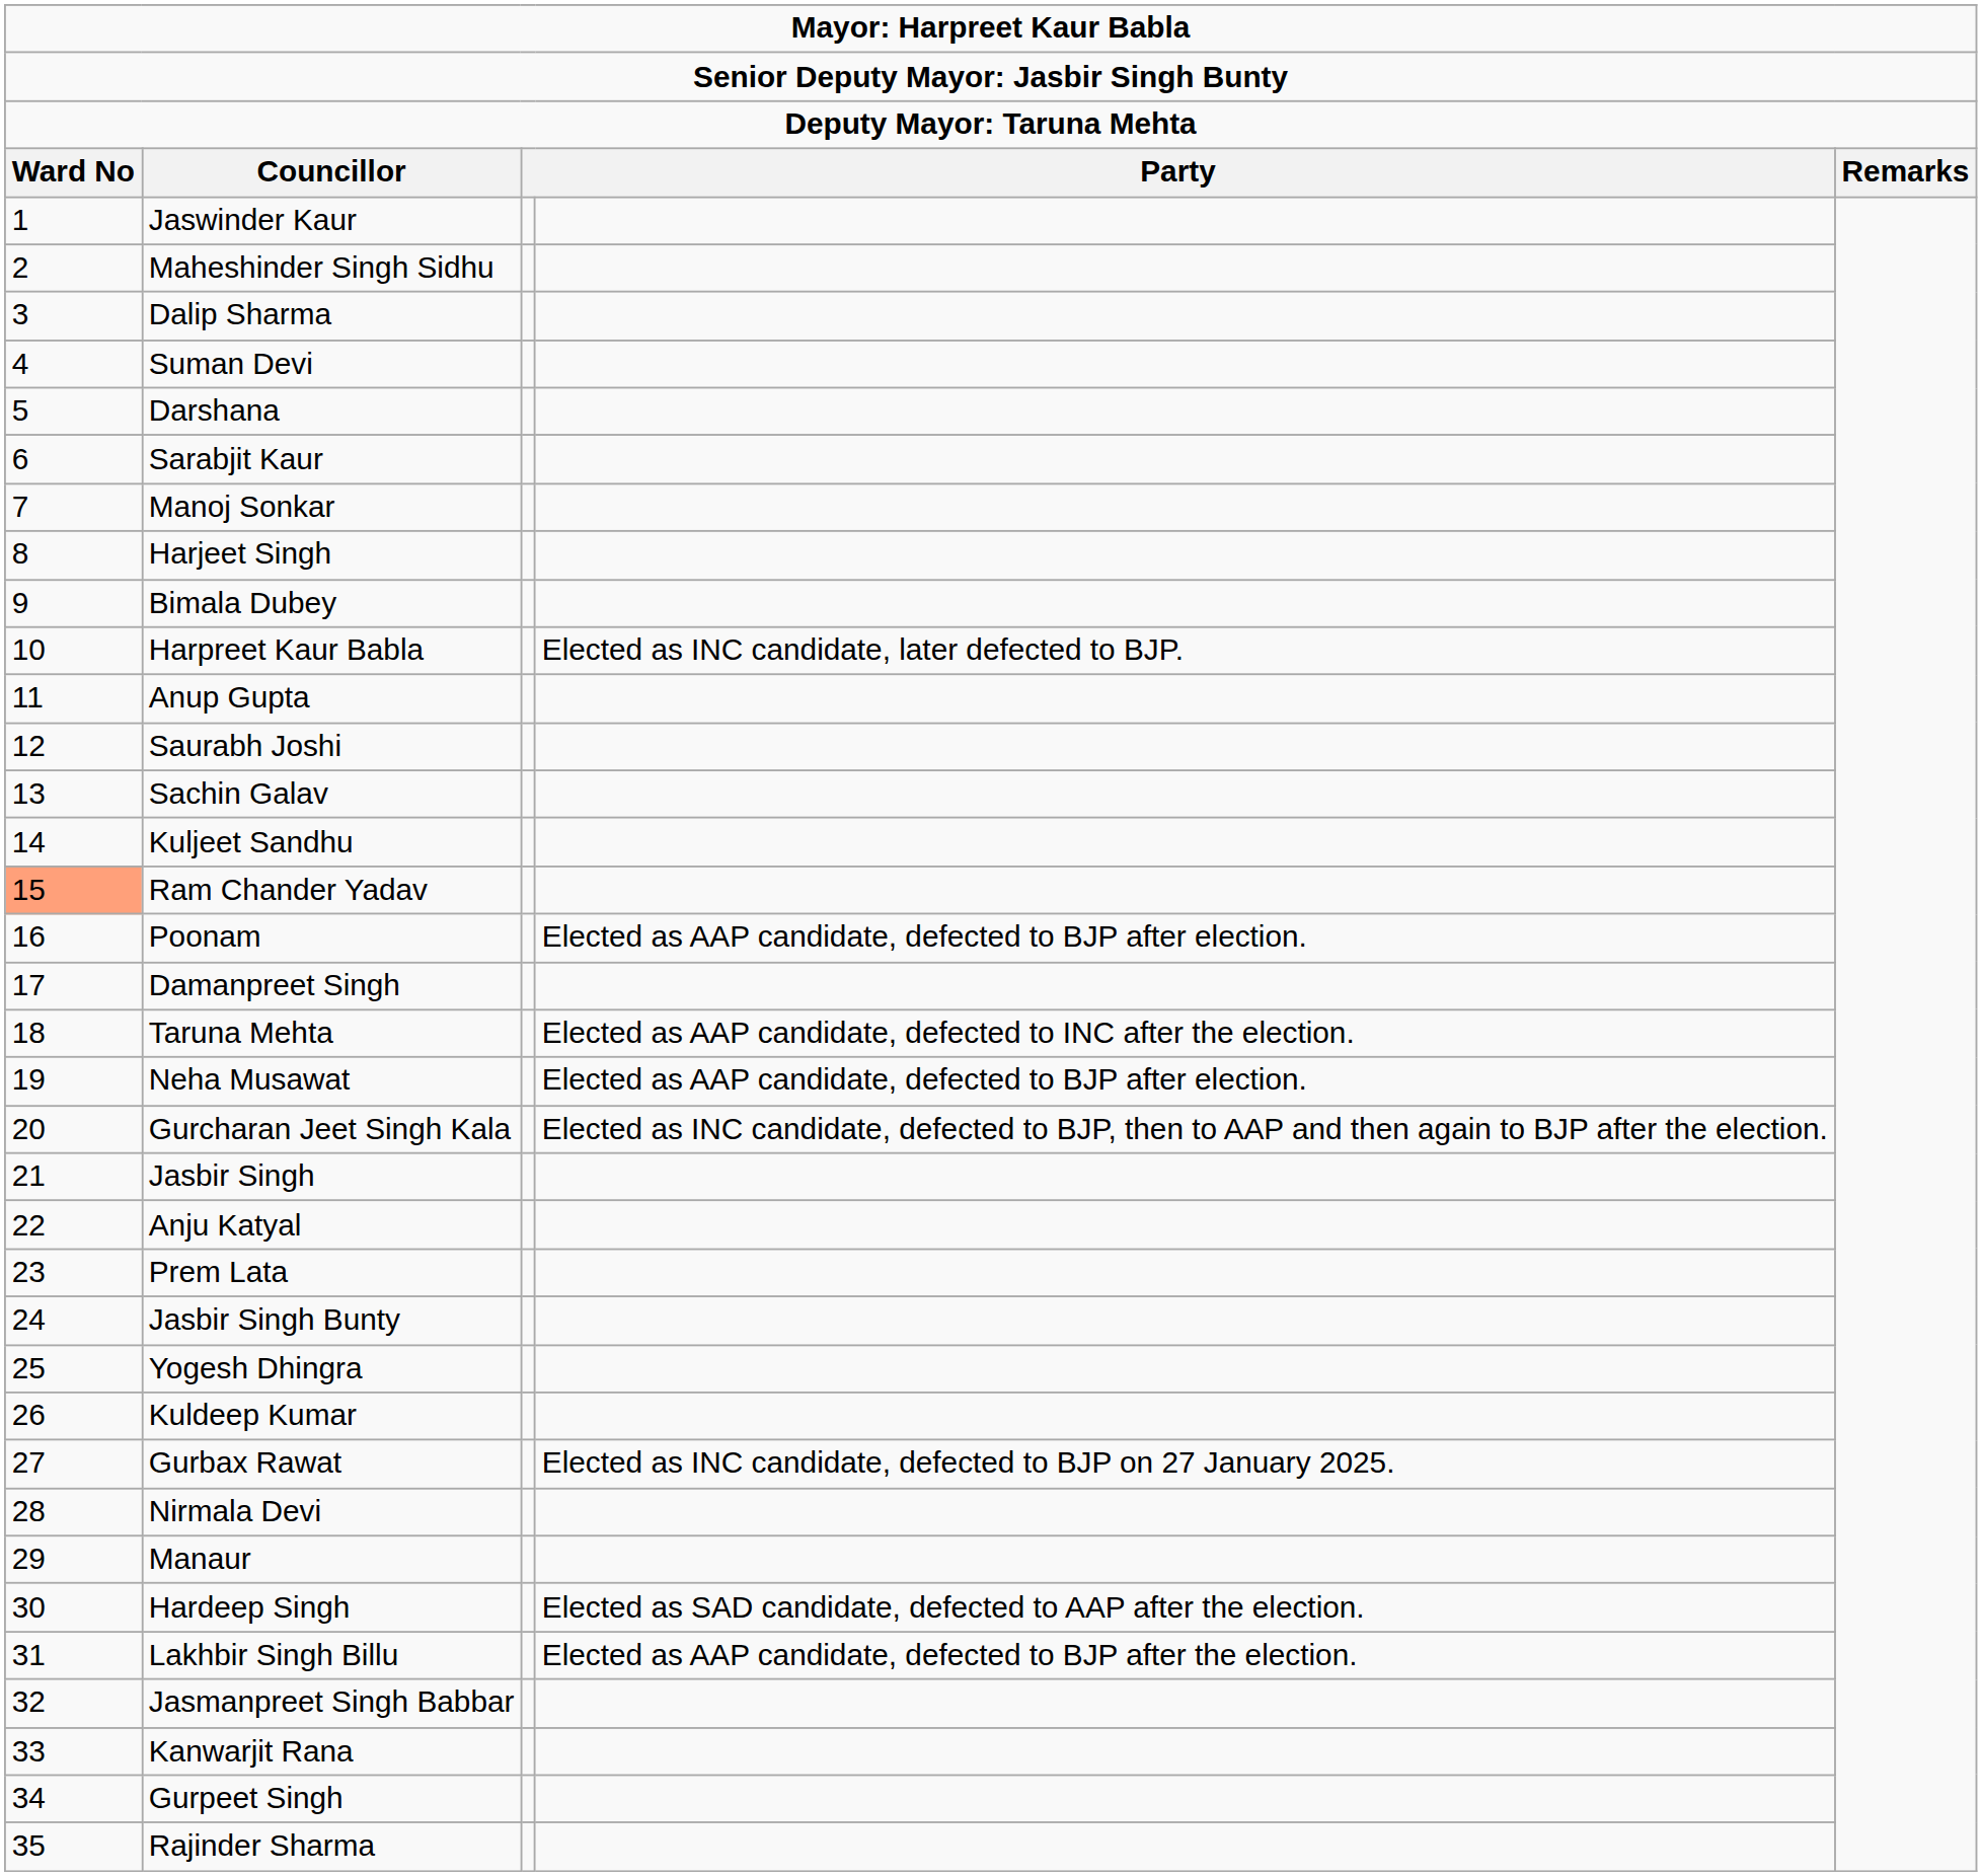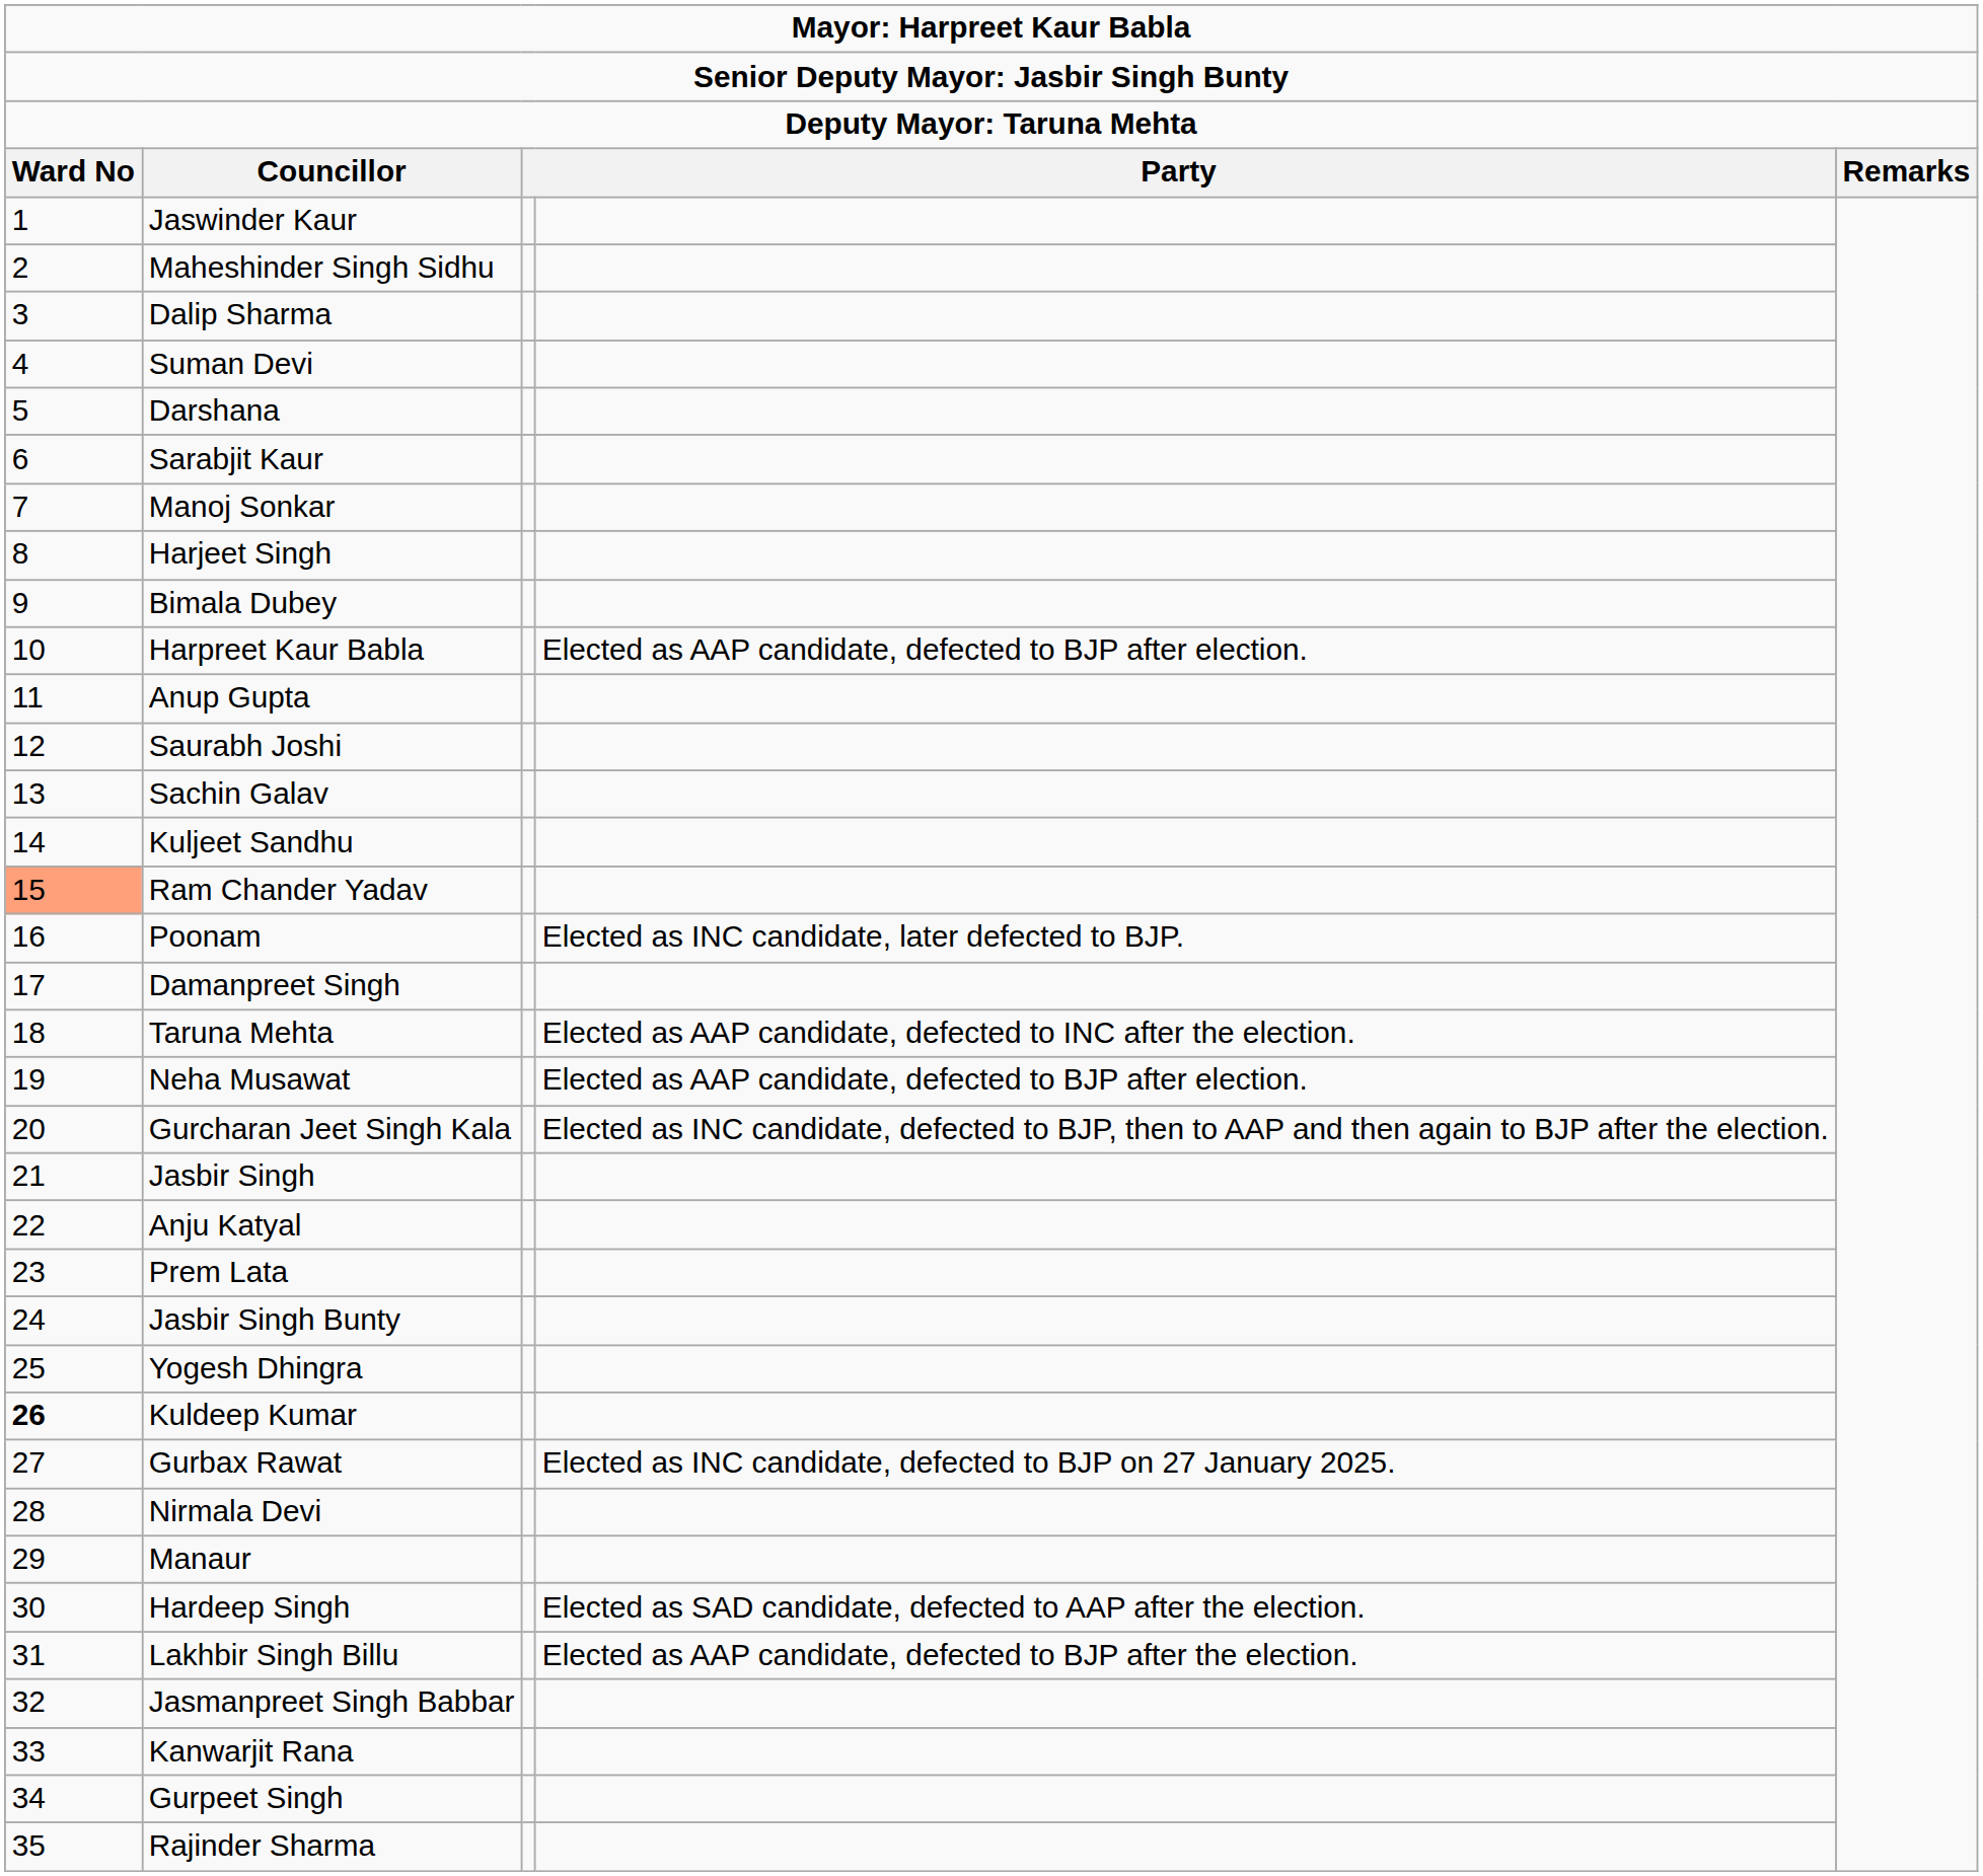 <table class="wikitable">
 <tr>
 <td colspan=5 align=center><span><strong>Mayor: Harpreet Kaur Babla</strong></span></td>
 </tr>
 <tr>
 <td colspan=5 align=center><span><strong>Senior Deputy Mayor: Jasbir Singh Bunty</strong></span></td>
 </tr>
 <tr>
 <td colspan=5 align=center><span><strong>Deputy Mayor: Taruna Mehta</strong></span></td>
 </tr>
 <tr>
 <th>Ward No</th>
 <th>Councillor</th>
 <th colspan="2">Party</th>
 <th>Remarks</th>
 </tr>
 <tr>
 <td>1</td>
 <td>Jaswinder Kaur</td>
 <td></td>
 <td></td>
 </tr>
 <tr>
 <td>2</td>
 <td>Maheshinder Singh Sidhu</td>
 <td></td>
 <td></td>
 </tr>
 <tr>
 <td>3</td>
 <td>Dalip Sharma</td>
 <td></td>
 <td></td>
 </tr>
 <tr>
 <td>4</td>
 <td>Suman Devi</td>
 <td></td>
 <td></td>
 </tr>
 <tr>
 <td>5</td>
 <td>Darshana</td>
 <td></td>
 <td></td>
 </tr>
 <tr>
 <td>6</td>
 <td>Sarabjit Kaur</td>
 <td></td>
 <td></td>
 </tr>
 <tr>
 <td>7</td>
 <td>Manoj Sonkar</td>
 <td></td>
 <td></td>
 </tr>
 <tr>
 <td>8</td>
 <td>Harjeet Singh</td>
 <td></td>
 <td></td>
 </tr>
 <tr>
 <td>9</td>
 <td>Bimala Dubey</td>
 <td></td>
 <td></td>
 </tr>
 <tr>
 <td>10</td>
 <td>Harpreet Kaur Babla</td>
 <td></td>
-<td>Elected as INC candidate, later defected to BJP.</td>
+<td>Elected as AAP candidate, defected to BJP after election.</td>
 </tr>
 <tr>
 <td>11</td>
 <td>Anup Gupta</td>
 <td></td>
 <td></td>
 </tr>
 <tr>
 <td>12</td>
 <td>Saurabh Joshi</td>
 <td></td>
 <td></td>
 </tr>
 <tr>
 <td>13</td>
 <td>Sachin Galav</td>
 <td></td>
 <td></td>
 </tr>
 <tr>
 <td>14</td>
 <td>Kuljeet Sandhu</td>
 <td></td>
 <td></td>
 </tr>
 <tr>
 <td style="background: lightsalmon;">15</td>
 <td>Ram Chander Yadav</td>
 <td></td>
 <td></td>
 </tr>
 <tr>
 <td>16</td>
 <td>Poonam</td>
 <td></td>
-<td>Elected as AAP candidate, defected to BJP after election.</td>
+<td>Elected as INC candidate, later defected to BJP.</td>
 </tr>
 <tr>
 <td>17</td>
 <td>Damanpreet Singh</td>
 <td></td>
 <td></td>
 </tr>
 <tr>
 <td>18</td>
 <td>Taruna Mehta</td>
 <td></td>
 <td>Elected as AAP candidate, defected to INC after the election.</td>
 </tr>
 <tr>
 <td>19</td>
 <td>Neha Musawat</td>
 <td></td>
 <td>Elected as AAP candidate, defected to BJP after election.</td>
 </tr>
 <tr>
 <td>20</td>
 <td>Gurcharan Jeet Singh Kala</td>
 <td></td>
 <td>Elected as INC candidate, defected to BJP, then to AAP and then again to BJP after the election.</td>
 </tr>
 <tr>
 <td>21</td>
 <td>Jasbir Singh</td>
 <td></td>
 <td></td>
 </tr>
 <tr>
 <td>22</td>
 <td>Anju Katyal</td>
 <td></td>
 <td></td>
 </tr>
 <tr>
 <td>23</td>
 <td>Prem Lata</td>
 <td></td>
 <td></td>
 </tr>
 <tr>
 <td>24</td>
 <td>Jasbir Singh Bunty</td>
 <td></td>
 <td></td>
 </tr>
 <tr>
 <td>25</td>
 <td>Yogesh Dhingra</td>
 <td></td>
 <td></td>
 </tr>
 <tr>
-<td>26</td>
+<td><strong>26</strong></td>
 <td>Kuldeep Kumar</td>
 <td></td>
 <td></td>
 </tr>
 <tr>
 <td>27</td>
 <td>Gurbax Rawat</td>
 <td></td>
 <td>Elected as INC candidate, defected to BJP on 27 January 2025.</td>
 </tr>
 <tr>
 <td>28</td>
 <td>Nirmala Devi</td>
 <td></td>
 <td></td>
 </tr>
 <tr>
 <td>29</td>
 <td>Manaur</td>
 <td></td>
 <td></td>
 </tr>
 <tr>
 <td>30</td>
 <td>Hardeep Singh</td>
 <td></td>
 <td>Elected as SAD candidate, defected to AAP after the election.</td>
 </tr>
 <tr>
 <td>31</td>
 <td>Lakhbir Singh Billu</td>
 <td></td>
 <td>Elected as AAP candidate, defected to BJP after the election.</td>
 </tr>
 <tr>
 <td>32</td>
 <td>Jasmanpreet Singh Babbar</td>
 <td></td>
 <td></td>
 </tr>
 <tr>
 <td>33</td>
 <td>Kanwarjit Rana</td>
 <td></td>
 <td></td>
 </tr>
 <tr>
 <td>34</td>
 <td>Gurpeet Singh</td>
 <td></td>
 <td></td>
 </tr>
 <tr>
 <td>35</td>
 <td>Rajinder Sharma</td>
 <td></td>
 <td></td>
 </tr>
 </table>
